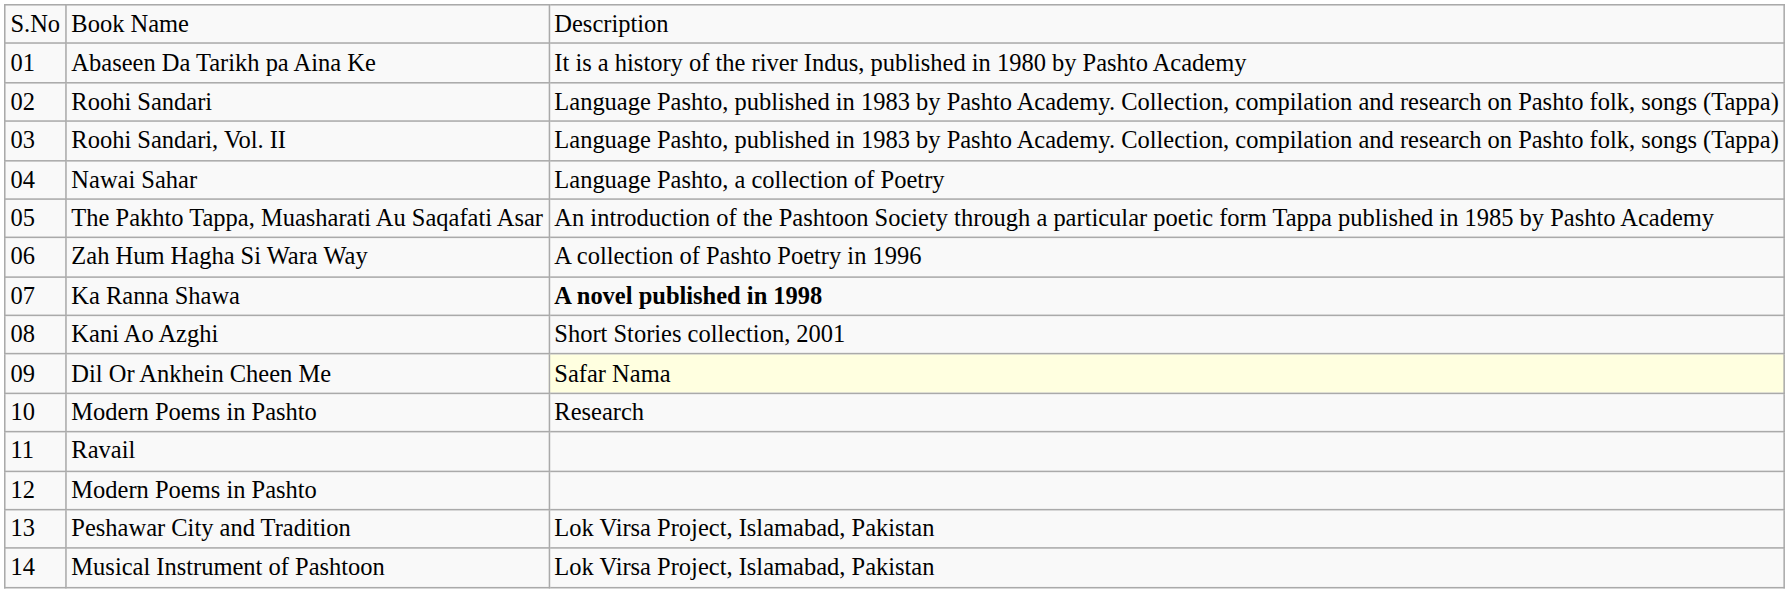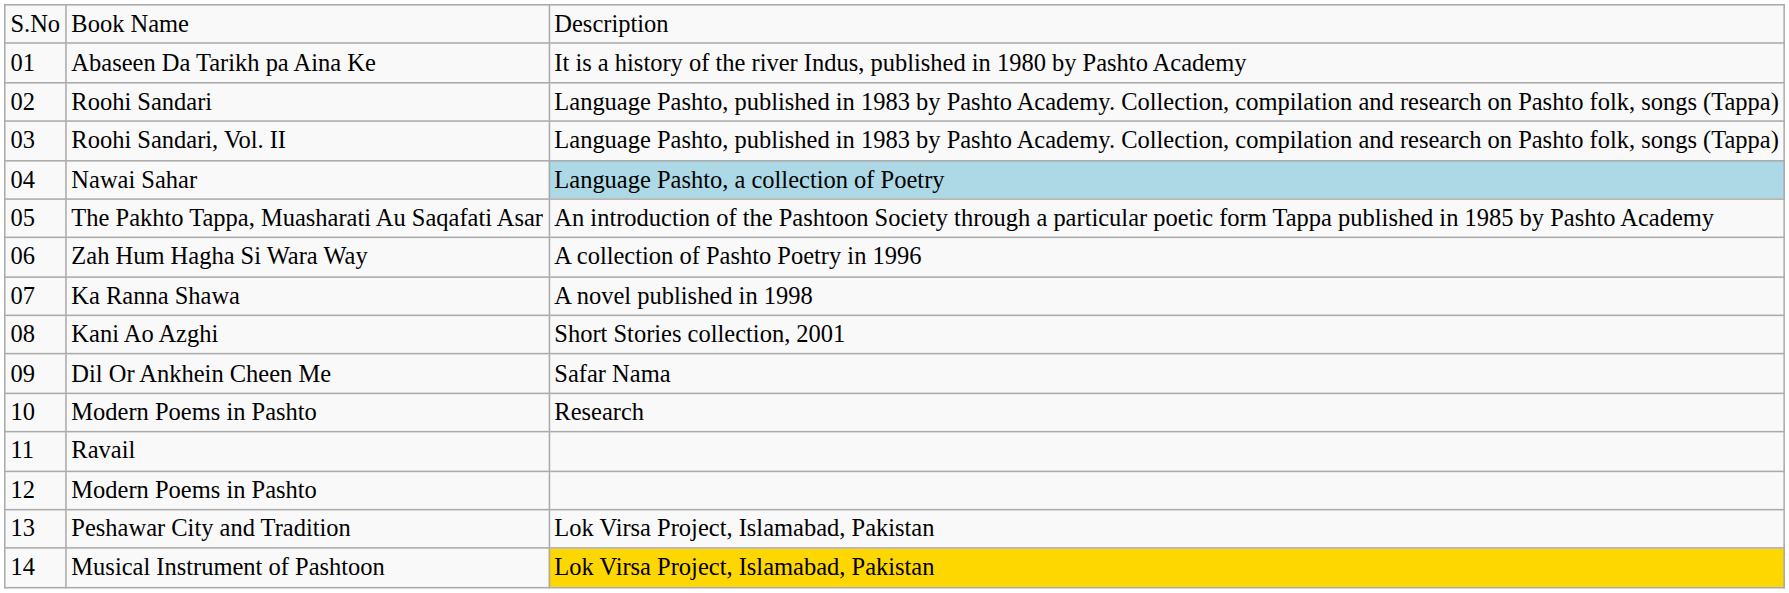 <table class="wikitable">
 <tr>
 <td>S.No</td>
 <td>Book Name</td>
 <td>Description</td>
 </tr>
 <tr>
 <td>01</td>
 <td>Abaseen Da Tarikh pa Aina Ke</td>
 <td>It is a history of the river Indus, published in 1980 by Pashto Academy</td>
 </tr>
 <tr>
 <td>02</td>
 <td>Roohi Sandari</td>
 <td>Language Pashto, published in 1983 by Pashto Academy. Collection, compilation and research on Pashto folk, songs (Tappa)</td>
 </tr>
 <tr>
 <td>03</td>
 <td>Roohi Sandari, Vol. II</td>
 <td>Language Pashto, published in 1983 by Pashto Academy. Collection, compilation and research on Pashto folk, songs (Tappa)</td>
 </tr>
 <tr>
 <td>04</td>
 <td>Nawai Sahar</td>
-<td>Language Pashto, a collection of Poetry</td>
+<td style="background: lightblue;">Language Pashto, a collection of Poetry</td>
 </tr>
 <tr>
 <td>05</td>
 <td>The Pakhto Tappa, Muasharati Au Saqafati Asar</td>
 <td>An introduction of the Pashtoon Society through a particular poetic form Tappa published in 1985 by Pashto Academy</td>
 </tr>
 <tr>
 <td>06</td>
 <td>Zah Hum Hagha Si Wara Way</td>
 <td>A collection of Pashto Poetry in 1996</td>
 </tr>
 <tr>
 <td>07</td>
 <td>Ka Ranna Shawa</td>
-<td><strong>A novel published in 1998</strong></td>
+<td>A novel published in 1998</td>
 </tr>
 <tr>
 <td>08</td>
 <td>Kani Ao Azghi</td>
 <td>Short Stories collection, 2001</td>
 </tr>
 <tr>
 <td>09</td>
 <td>Dil Or Ankhein Cheen Me</td>
-<td style="background: lightyellow;">Safar Nama</td>
+<td>Safar Nama</td>
 </tr>
 <tr>
 <td>10</td>
 <td>Modern Poems in Pashto</td>
 <td>Research</td>
 </tr>
 <tr>
 <td>11</td>
 <td>Ravail</td>
 <td></td>
 </tr>
 <tr>
 <td>12</td>
 <td>Modern Poems in Pashto</td>
 <td></td>
 </tr>
 <tr>
 <td>13</td>
 <td>Peshawar City and Tradition</td>
 <td>Lok Virsa Project, Islamabad, Pakistan</td>
 </tr>
 <tr>
 <td>14</td>
 <td>Musical Instrument of Pashtoon</td>
-<td>Lok Virsa Project, Islamabad, Pakistan</td>
+<td style="background: gold;">Lok Virsa Project, Islamabad, Pakistan</td>
 </tr>
 </table>
